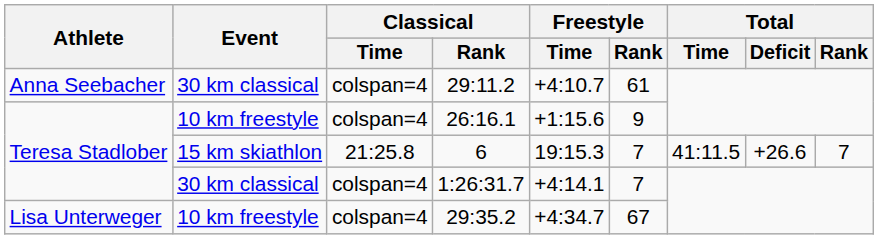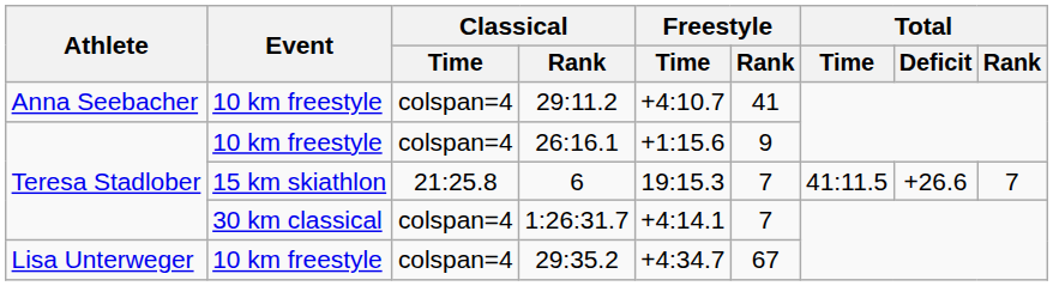 <table class="wikitable" style="font-size:90%">
 <tr>
 <th rowspan=2>Athlete</th>
 <th rowspan=2>Event</th>
 <th colspan=2>Classical</th>
 <th colspan=2>Freestyle</th>
 <th colspan=3>Total</th>
 </tr>
 <tr style="font-size:95%">
 <th>Time</th>
 <th>Rank</th>
 <th>Time</th>
 <th>Rank</th>
 <th>Time</th>
 <th>Deficit</th>
 <th>Rank</th>
 </tr>
 <tr align=center>
 <td align=left><a href='#'>Anna Seebacher</a></td>
-<td align=left><a href='#'>30 km classical</a></td>
+<td align=left><a href='#'>10 km freestyle</a></td>
 <td>colspan=4 </td>
 <td>29:11.2</td>
 <td>+4:10.7</td>
-<td>61</td>
+<td>41</td>
 </tr>
 <tr align=center>
 <td align=left rowspan=3><a href='#'>Teresa Stadlober</a></td>
 <td align=left><a href='#'>10 km freestyle</a></td>
 <td>colspan=4 </td>
 <td>26:16.1</td>
 <td>+1:15.6</td>
 <td>9</td>
 </tr>
 <tr align=center>
 <td align=left><a href='#'>15 km skiathlon</a></td>
 <td>21:25.8</td>
 <td>6</td>
 <td>19:15.3</td>
 <td>7</td>
 <td>41:11.5</td>
 <td>+26.6</td>
 <td>7</td>
 </tr>
 <tr align=center>
 <td align=left><a href='#'>30 km classical</a></td>
 <td>colspan=4 </td>
 <td>1:26:31.7</td>
 <td>+4:14.1</td>
 <td>7</td>
 </tr>
 <tr align=center>
 <td align=left><a href='#'>Lisa Unterweger</a></td>
 <td align=left><a href='#'>10 km freestyle</a></td>
 <td>colspan=4 </td>
 <td>29:35.2</td>
 <td>+4:34.7</td>
 <td>67</td>
 </tr>
 </table>
